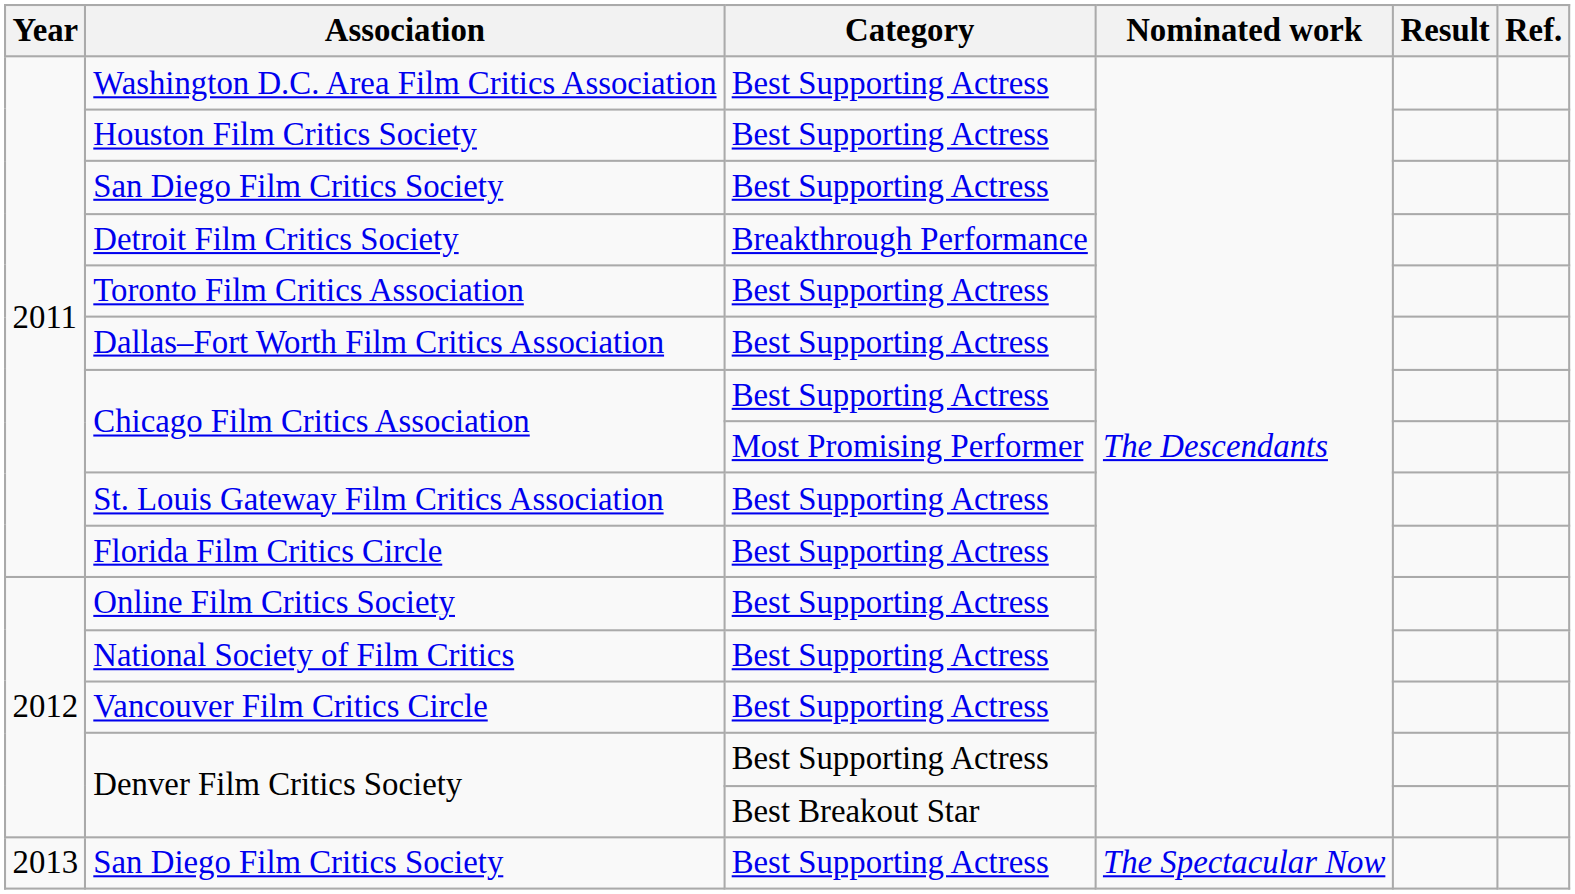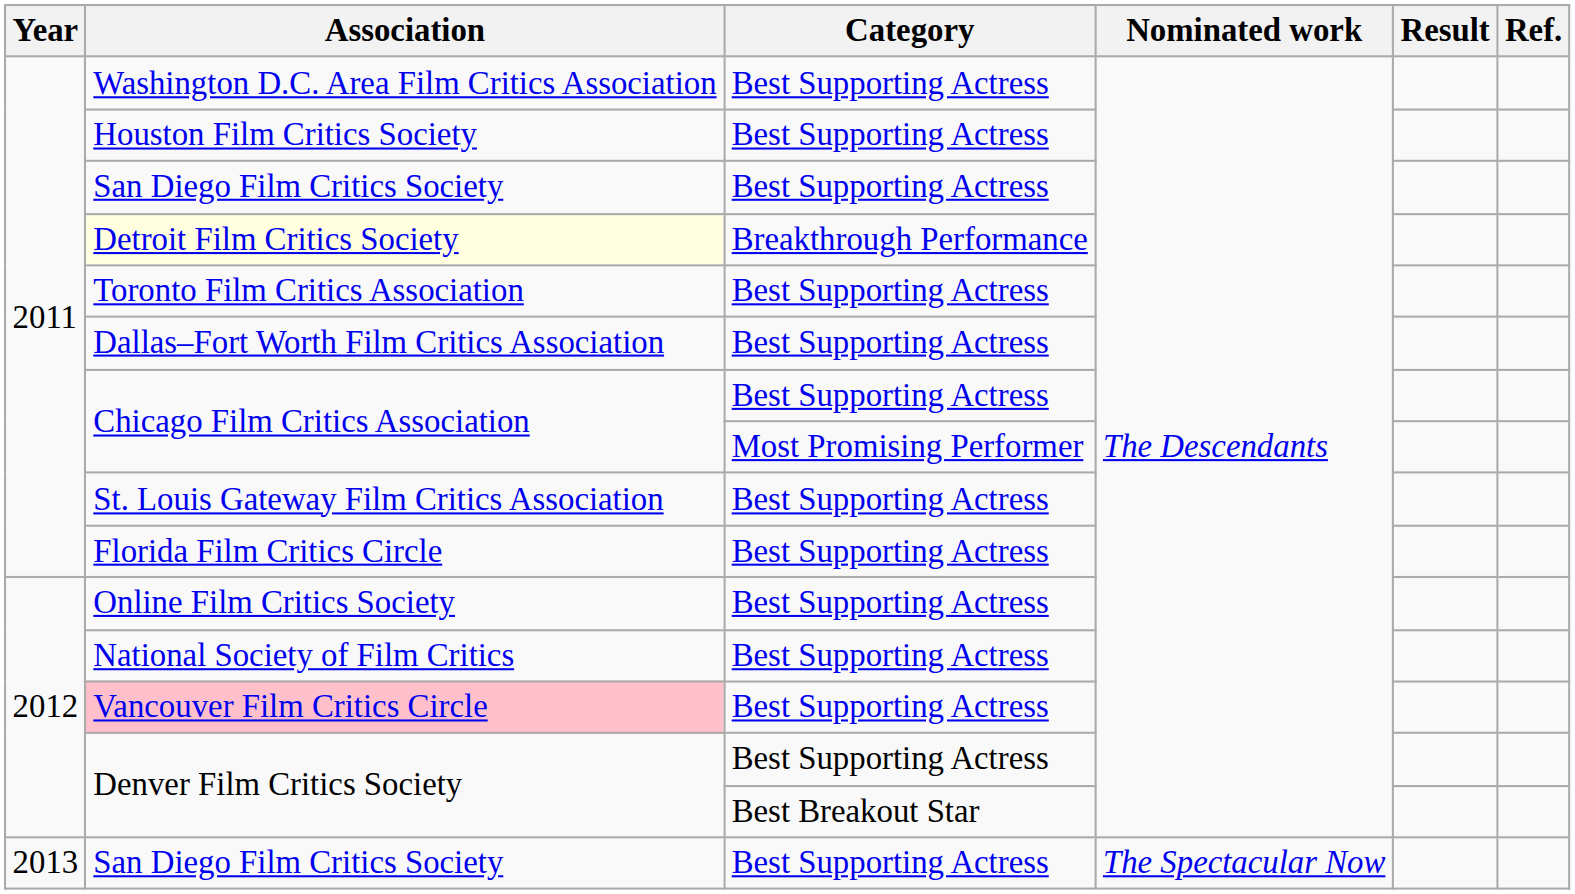 <table class="wikitable sortable">
 <tr>
 <th>Year</th>
 <th>Association</th>
 <th>Category</th>
 <th>Nominated work</th>
 <th>Result</th>
 <th class="unsortable">Ref.</th>
 </tr>
 <tr>
 <td rowspan="10">2011</td>
 <td><a href='#'>Washington D.C. Area Film Critics Association</a></td>
 <td><a href='#'>Best Supporting Actress</a></td>
 <td rowspan="15"><em><a href='#'>The Descendants</a></em></td>
 <td></td>
 <td></td>
 </tr>
 <tr>
 <td><a href='#'>Houston Film Critics Society</a></td>
 <td><a href='#'>Best Supporting Actress</a></td>
 <td></td>
 <td></td>
 </tr>
 <tr>
 <td><a href='#'>San Diego Film Critics Society</a></td>
 <td><a href='#'>Best Supporting Actress</a></td>
 <td></td>
 <td></td>
 </tr>
 <tr>
-<td><a href='#'>Detroit Film Critics Society</a></td>
+<td style="background: lightyellow;"><a href='#'>Detroit Film Critics Society</a></td>
 <td><a href='#'>Breakthrough Performance</a></td>
 <td></td>
 <td></td>
 </tr>
 <tr>
 <td><a href='#'>Toronto Film Critics Association</a></td>
 <td><a href='#'>Best Supporting Actress</a></td>
 <td></td>
 <td></td>
 </tr>
 <tr>
 <td><a href='#'>Dallas–Fort Worth Film Critics Association</a></td>
 <td><a href='#'>Best Supporting Actress</a></td>
 <td></td>
 <td></td>
 </tr>
 <tr>
 <td rowspan="2"><a href='#'>Chicago Film Critics Association</a></td>
 <td><a href='#'>Best Supporting Actress</a></td>
 <td></td>
 <td></td>
 </tr>
 <tr>
 <td><a href='#'>Most Promising Performer</a></td>
 <td></td>
 <td></td>
 </tr>
 <tr>
 <td><a href='#'>St. Louis Gateway Film Critics Association</a></td>
 <td><a href='#'>Best Supporting Actress</a></td>
 <td></td>
 <td></td>
 </tr>
 <tr>
 <td><a href='#'>Florida Film Critics Circle</a></td>
 <td><a href='#'>Best Supporting Actress</a></td>
 <td></td>
 <td></td>
 </tr>
 <tr>
 <td rowspan="5">2012</td>
 <td><a href='#'>Online Film Critics Society</a></td>
 <td><a href='#'>Best Supporting Actress</a></td>
 <td></td>
 <td></td>
 </tr>
 <tr>
 <td><a href='#'>National Society of Film Critics</a></td>
 <td><a href='#'>Best Supporting Actress</a></td>
 <td></td>
 <td></td>
 </tr>
 <tr>
-<td><a href='#'>Vancouver Film Critics Circle</a></td>
+<td style="background: pink;"><a href='#'>Vancouver Film Critics Circle</a></td>
 <td><a href='#'>Best Supporting Actress</a></td>
 <td></td>
 <td></td>
 </tr>
 <tr>
 <td rowspan="2">Denver Film Critics Society</td>
 <td>Best Supporting Actress</td>
 <td></td>
 <td></td>
 </tr>
 <tr>
 <td>Best Breakout Star</td>
 <td></td>
 <td></td>
 </tr>
 <tr>
 <td>2013</td>
 <td><a href='#'>San Diego Film Critics Society</a></td>
 <td><a href='#'>Best Supporting Actress</a></td>
 <td><em><a href='#'>The Spectacular Now</a></em></td>
 <td></td>
 <td></td>
 </tr>
 </table>
